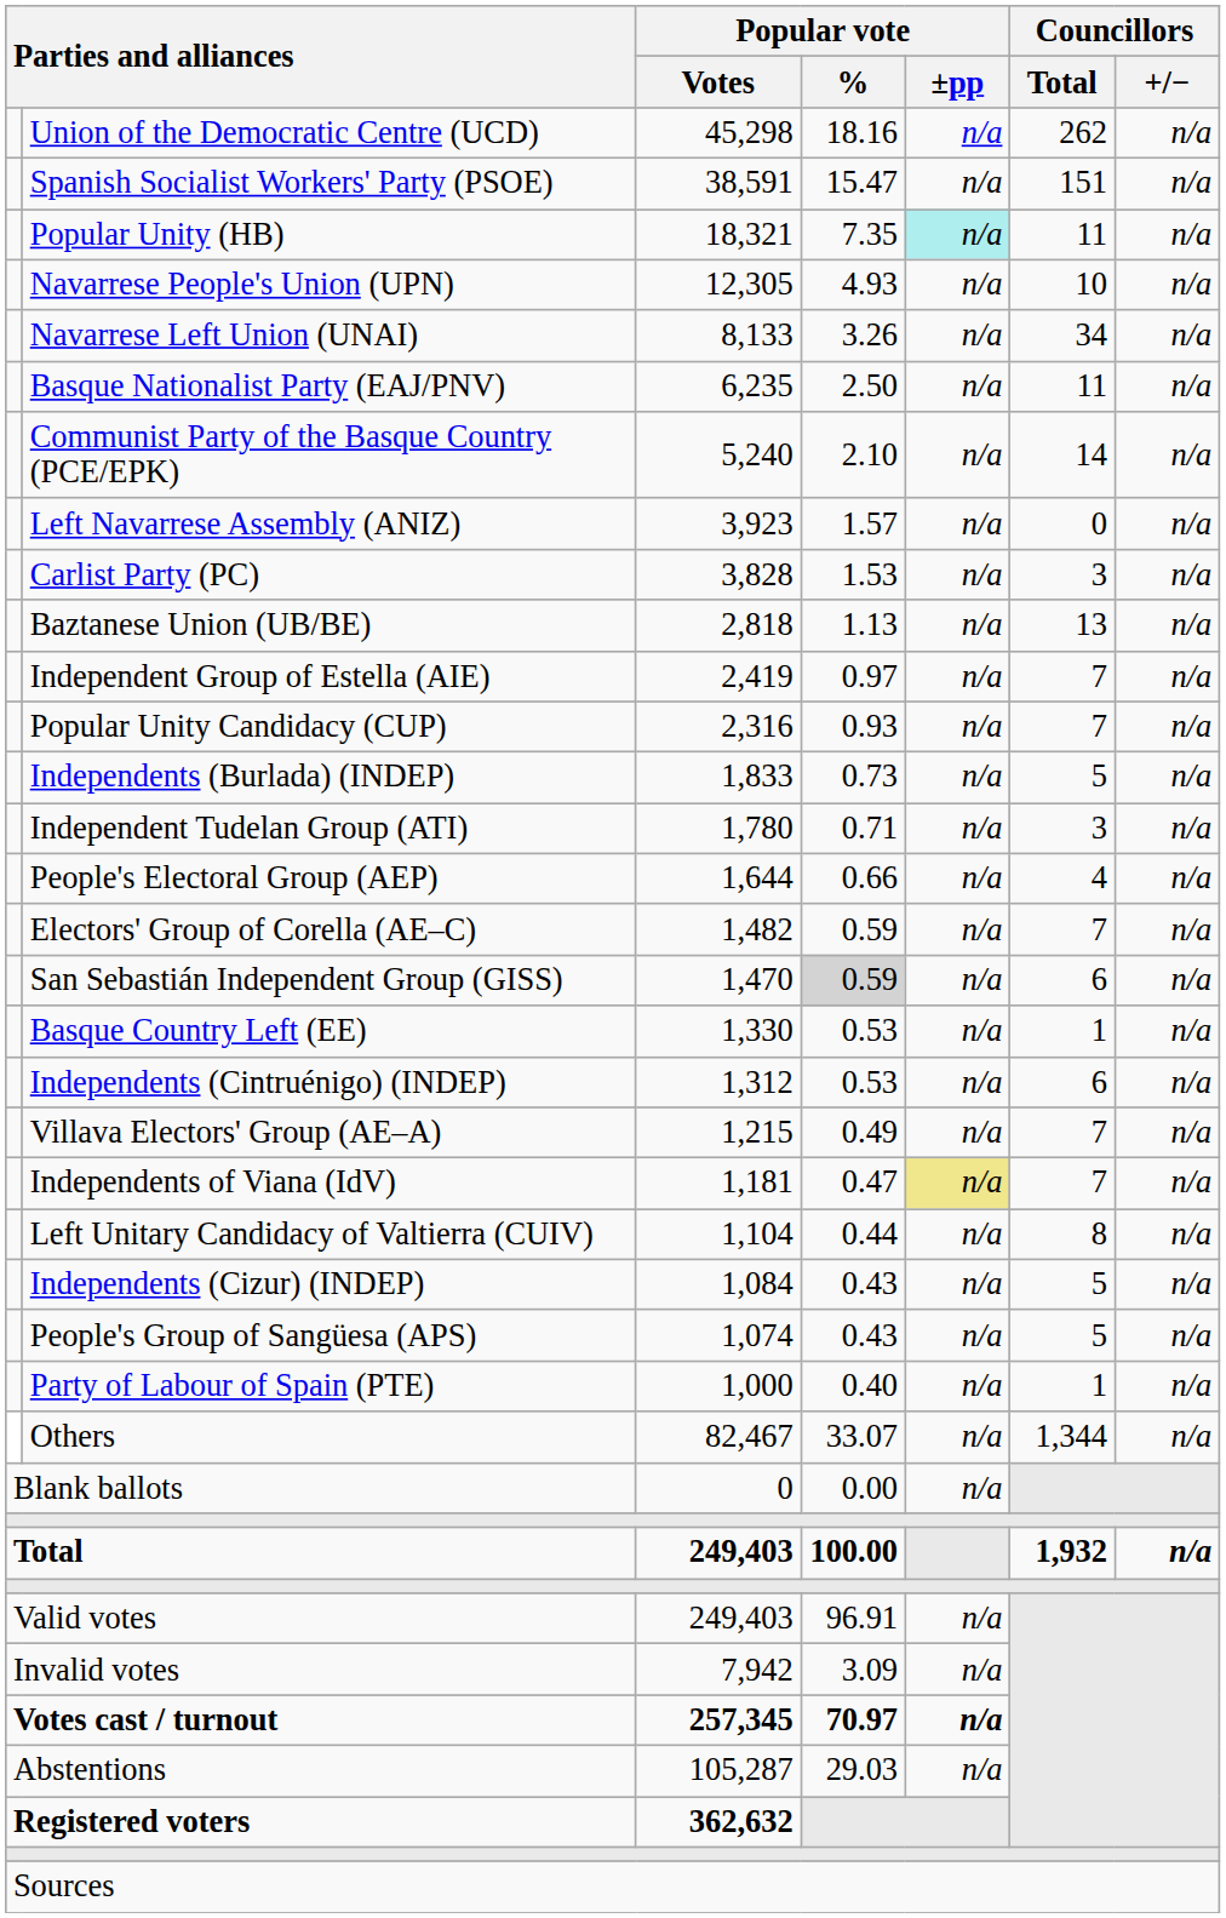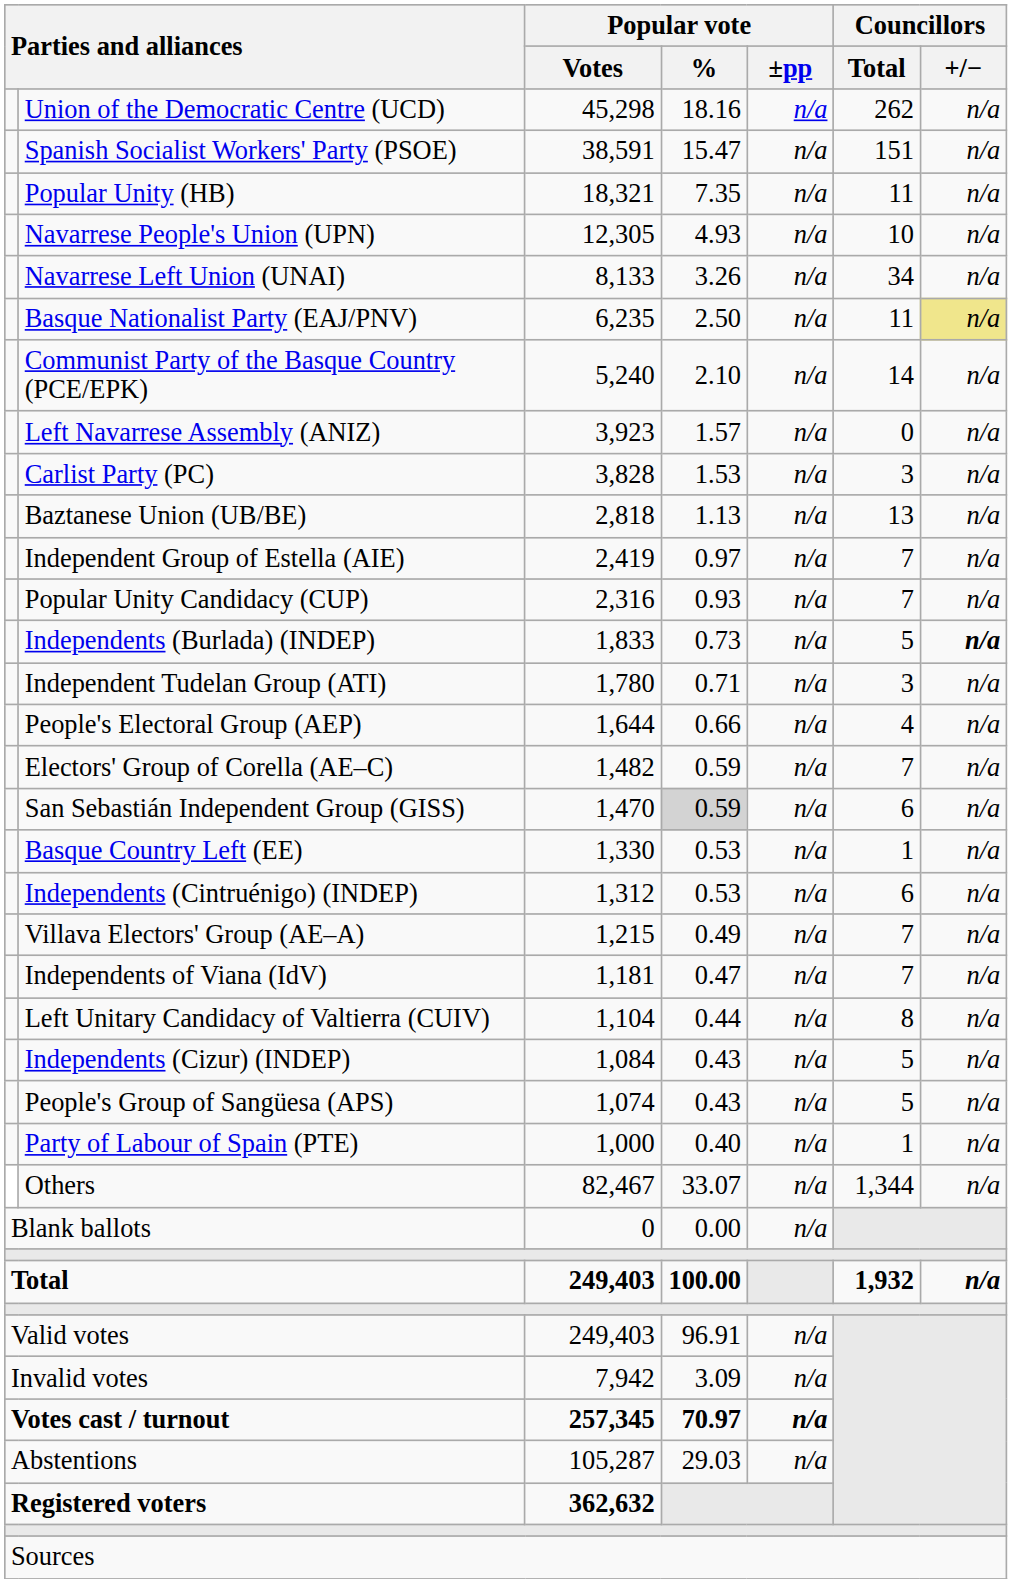 <table class="wikitable" style="text-align:right;">
 <tr>
 <th style="text-align:left;" rowspan="2" colspan="2" width="525">Parties and alliances</th>
 <th colspan="3">Popular vote</th>
 <th colspan="2">Councillors</th>
 </tr>
 <tr>
 <th width="75">Votes</th>
 <th width="45">%</th>
 <th width="45">±<a href='#'>pp</a></th>
 <th width="45">Total</th>
 <th width="45">+/−</th>
 </tr>
 <tr>
 <td width="1" style="color:inherit;background:"></td>
 <td align="left"><a href='#'>Union of the Democratic Centre</a> (UCD)</td>
 <td>45,298</td>
 <td>18.16</td>
 <td><em><a href='#'>n/a</a></em></td>
 <td>262</td>
 <td><em>n/a</em></td>
 </tr>
 <tr>
 <td style="color:inherit;background:"></td>
 <td align="left"><a href='#'>Spanish Socialist Workers' Party</a> (PSOE)</td>
 <td>38,591</td>
 <td>15.47</td>
 <td><em>n/a</em></td>
 <td>151</td>
 <td><em>n/a</em></td>
 </tr>
 <tr>
 <td style="color:inherit;background:"></td>
 <td align="left"><a href='#'>Popular Unity</a> (HB)</td>
 <td>18,321</td>
 <td>7.35</td>
-<td style="background: paleturquoise;"><em>n/a</em></td>
+<td><em>n/a</em></td>
 <td>11</td>
 <td><em>n/a</em></td>
 </tr>
 <tr>
 <td style="color:inherit;background:"></td>
 <td align="left"><a href='#'>Navarrese People's Union</a> (UPN)</td>
 <td>12,305</td>
 <td>4.93</td>
 <td><em>n/a</em></td>
 <td>10</td>
 <td><em>n/a</em></td>
 </tr>
 <tr>
 <td style="color:inherit;background:"></td>
 <td align="left"><a href='#'>Navarrese Left Union</a> (UNAI)</td>
 <td>8,133</td>
 <td>3.26</td>
 <td><em>n/a</em></td>
 <td>34</td>
 <td><em>n/a</em></td>
 </tr>
 <tr>
 <td style="color:inherit;background:"></td>
 <td align="left"><a href='#'>Basque Nationalist Party</a> (EAJ/PNV)</td>
 <td>6,235</td>
 <td>2.50</td>
 <td><em>n/a</em></td>
 <td>11</td>
-<td><em>n/a</em></td>
+<td style="background: khaki;"><em>n/a</em></td>
 </tr>
 <tr>
 <td style="color:inherit;background:"></td>
 <td align="left"><a href='#'>Communist Party of the Basque Country</a> (PCE/EPK)</td>
 <td>5,240</td>
 <td>2.10</td>
 <td><em>n/a</em></td>
 <td>14</td>
 <td><em>n/a</em></td>
 </tr>
 <tr>
 <td style="color:inherit;background:"></td>
 <td align="left"><a href='#'>Left Navarrese Assembly</a> (ANIZ)</td>
 <td>3,923</td>
 <td>1.57</td>
 <td><em>n/a</em></td>
 <td>0</td>
 <td><em>n/a</em></td>
 </tr>
 <tr>
 <td style="color:inherit;background:"></td>
 <td align="left"><a href='#'>Carlist Party</a> (PC)</td>
 <td>3,828</td>
 <td>1.53</td>
 <td><em>n/a</em></td>
 <td>3</td>
 <td><em>n/a</em></td>
 </tr>
 <tr>
 <td style="color:inherit;background:"></td>
 <td align="left">Baztanese Union (UB/BE)</td>
 <td>2,818</td>
 <td>1.13</td>
 <td><em>n/a</em></td>
 <td>13</td>
 <td><em>n/a</em></td>
 </tr>
 <tr>
 <td style="color:inherit;background:"></td>
 <td align="left">Independent Group of Estella (AIE)</td>
 <td>2,419</td>
 <td>0.97</td>
 <td><em>n/a</em></td>
 <td>7</td>
 <td><em>n/a</em></td>
 </tr>
 <tr>
 <td style="color:inherit;background:"></td>
 <td align="left">Popular Unity Candidacy (CUP)</td>
 <td>2,316</td>
 <td>0.93</td>
 <td><em>n/a</em></td>
 <td>7</td>
 <td><em>n/a</em></td>
 </tr>
 <tr>
 <td style="color:inherit;background:"></td>
 <td align="left"><a href='#'>Independents</a> (Burlada) (INDEP)</td>
 <td>1,833</td>
 <td>0.73</td>
 <td><em>n/a</em></td>
 <td>5</td>
-<td><em>n/a</em></td>
+<td><strong><em>n/a</em></strong></td>
 </tr>
 <tr>
 <td style="color:inherit;background:"></td>
 <td align="left">Independent Tudelan Group (ATI)</td>
 <td>1,780</td>
 <td>0.71</td>
 <td><em>n/a</em></td>
 <td>3</td>
 <td><em>n/a</em></td>
 </tr>
 <tr>
 <td style="color:inherit;background:"></td>
 <td align="left">People's Electoral Group (AEP)</td>
 <td>1,644</td>
 <td>0.66</td>
 <td><em>n/a</em></td>
 <td>4</td>
 <td><em>n/a</em></td>
 </tr>
 <tr>
 <td style="color:inherit;background:"></td>
 <td align="left">Electors' Group of Corella (AE–C)</td>
 <td>1,482</td>
 <td>0.59</td>
 <td><em>n/a</em></td>
 <td>7</td>
 <td><em>n/a</em></td>
 </tr>
 <tr>
 <td style="color:inherit;background:"></td>
 <td align="left">San Sebastián Independent Group (GISS)</td>
 <td>1,470</td>
 <td style="background: lightgrey;">0.59</td>
 <td><em>n/a</em></td>
 <td>6</td>
 <td><em>n/a</em></td>
 </tr>
 <tr>
 <td style="color:inherit;background:"></td>
 <td align="left"><a href='#'>Basque Country Left</a> (EE)</td>
 <td>1,330</td>
 <td>0.53</td>
 <td><em>n/a</em></td>
 <td>1</td>
 <td><em>n/a</em></td>
 </tr>
 <tr>
 <td style="color:inherit;background:"></td>
 <td align="left"><a href='#'>Independents</a> (Cintruénigo) (INDEP)</td>
 <td>1,312</td>
 <td>0.53</td>
 <td><em>n/a</em></td>
 <td>6</td>
 <td><em>n/a</em></td>
 </tr>
 <tr>
 <td style="color:inherit;background:"></td>
 <td align="left">Villava Electors' Group (AE–A)</td>
 <td>1,215</td>
 <td>0.49</td>
 <td><em>n/a</em></td>
 <td>7</td>
 <td><em>n/a</em></td>
 </tr>
 <tr>
 <td style="color:inherit;background:"></td>
 <td align="left">Independents of Viana (IdV)</td>
 <td>1,181</td>
 <td>0.47</td>
-<td style="background: khaki;"><em>n/a</em></td>
+<td><em>n/a</em></td>
 <td>7</td>
 <td><em>n/a</em></td>
 </tr>
 <tr>
 <td style="color:inherit;background:"></td>
 <td align="left">Left Unitary Candidacy of Valtierra (CUIV)</td>
 <td>1,104</td>
 <td>0.44</td>
 <td><em>n/a</em></td>
 <td>8</td>
 <td><em>n/a</em></td>
 </tr>
 <tr>
 <td style="color:inherit;background:"></td>
 <td align="left"><a href='#'>Independents</a> (Cizur) (INDEP)</td>
 <td>1,084</td>
 <td>0.43</td>
 <td><em>n/a</em></td>
 <td>5</td>
 <td><em>n/a</em></td>
 </tr>
 <tr>
 <td style="color:inherit;background:"></td>
 <td align="left">People's Group of Sangüesa (APS)</td>
 <td>1,074</td>
 <td>0.43</td>
 <td><em>n/a</em></td>
 <td>5</td>
 <td><em>n/a</em></td>
 </tr>
 <tr>
 <td style="color:inherit;background:"></td>
 <td align="left"><a href='#'>Party of Labour of Spain</a> (PTE)</td>
 <td>1,000</td>
 <td>0.40</td>
 <td><em>n/a</em></td>
 <td>1</td>
 <td><em>n/a</em></td>
 </tr>
 <tr>
 <td bgcolor="white"></td>
 <td align="left">Others</td>
 <td>82,467</td>
 <td>33.07</td>
 <td><em>n/a</em></td>
 <td>1,344</td>
 <td><em>n/a</em></td>
 </tr>
 <tr>
 <td align="left" colspan="2">Blank ballots</td>
 <td>0</td>
 <td>0.00</td>
 <td><em>n/a</em></td>
 <td bgcolor="#E9E9E9" colspan="2"></td>
 </tr>
 <tr>
 <td colspan="7" bgcolor="#E9E9E9"></td>
 </tr>
 <tr style="font-weight:bold;">
 <td align="left" colspan="2">Total</td>
 <td>249,403</td>
 <td>100.00</td>
 <td bgcolor="#E9E9E9"></td>
 <td>1,932</td>
 <td><em>n/a</em></td>
 </tr>
 <tr>
 <td colspan="7" bgcolor="#E9E9E9"></td>
 </tr>
 <tr>
 <td align="left" colspan="2">Valid votes</td>
 <td>249,403</td>
 <td>96.91</td>
 <td><em>n/a</em></td>
 <td bgcolor="#E9E9E9" colspan="2" rowspan="5"></td>
 </tr>
 <tr>
 <td align="left" colspan="2">Invalid votes</td>
 <td>7,942</td>
 <td>3.09</td>
 <td><em>n/a</em></td>
 </tr>
 <tr style="font-weight:bold;">
 <td align="left" colspan="2">Votes cast / turnout</td>
 <td>257,345</td>
 <td>70.97</td>
 <td><em>n/a</em></td>
 </tr>
 <tr>
 <td align="left" colspan="2">Abstentions</td>
 <td>105,287</td>
 <td>29.03</td>
 <td><em>n/a</em></td>
 </tr>
 <tr style="font-weight:bold;">
 <td align="left" colspan="2">Registered voters</td>
 <td>362,632</td>
 <td bgcolor="#E9E9E9" colspan="2"></td>
 </tr>
 <tr>
 <td colspan="7" bgcolor="#E9E9E9"></td>
 </tr>
 <tr>
 <td align="left" colspan="7">Sources</td>
 </tr>
 </table>
